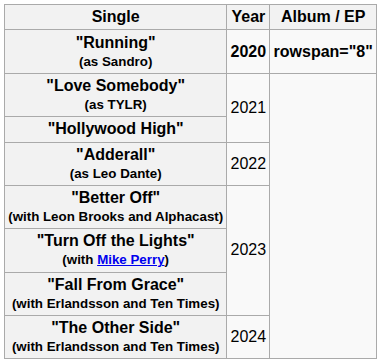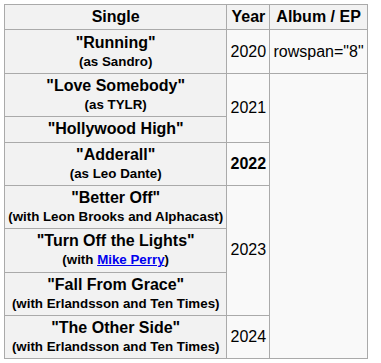 <table class="wikitable plainrowheaders" style="text-align:center;">
 <tr>
 <th scope="col">Single</th>
 <th scope="col">Year</th>
 <th scope="col">Album / EP</th>
 </tr>
 <tr>
 <th scope="row">"Running"<br><small>(as Sandro)</small></th>
-<td><strong>2020</strong></td>
-<td><strong>rowspan="8" </strong></td>
+<td>2020</td>
+<td>rowspan="8" </td>
 </tr>
 <tr>
 <th scope="row">"Love Somebody"<br><small>(as TYLR)</small></th>
 <td rowspan="2">2021</td>
 </tr>
 <tr>
 <th scope="row">"Hollywood High"</th>
 </tr>
 <tr>
 <th scope="row">"Adderall"<br><small>(as Leo Dante)</small></th>
-<td>2022</td>
+<td><strong>2022</strong></td>
 </tr>
 <tr>
 <th scope="row">"Better Off"<br><small>(with Leon Brooks and Alphacast)</small></th>
 <td rowspan="3">2023</td>
 </tr>
 <tr>
 <th scope="row">"Turn Off the Lights"<br><small>(with <a href='#'>Mike Perry</a>)</small></th>
 </tr>
 <tr>
 <th scope="row">"Fall From Grace"<br><small>(with Erlandsson and Ten Times)</small></th>
 </tr>
 <tr>
 <th scope="row">"The Other Side"<br><small>(with Erlandsson and Ten Times)</small></th>
 <td>2024</td>
 </tr>
 </table>
